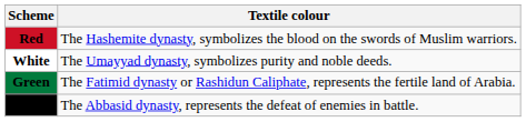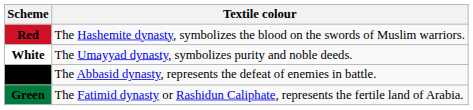 <table class="wikitable">
 <tr>
 <th>Scheme</th>
 <th>Textile colour</th>
 </tr>
 <tr>
 <th style="background:#CE1126"><span> Red </span></th>
 <td>The <a href='#'>Hashemite dynasty</a>, symbolizes the blood on the swords of Muslim warriors.</td>
 </tr>
 <tr>
 <th style="background:#ffffff">White</th>
 <td>The <a href='#'>Umayyad dynasty</a>, symbolizes purity and noble deeds.</td>
 </tr>
 <tr>
+<th style="background: #000000"><span> Black </span></th>
+<td>The <a href='#'>Abbasid dynasty</a>, represents the defeat of enemies in battle.</td>
+</tr>
+<tr>
 <th style="background: #007A3D"><span> Green </span></th>
 <td>The <a href='#'>Fatimid dynasty</a> or <a href='#'>Rashidun Caliphate</a>, represents the fertile land of Arabia.</td>
 </tr>
-<tr>
-<th style="background: #000000"><span> Black </span></th>
-<td>The <a href='#'>Abbasid dynasty</a>, represents the defeat of enemies in battle.</td>
-</tr>
 </table>
